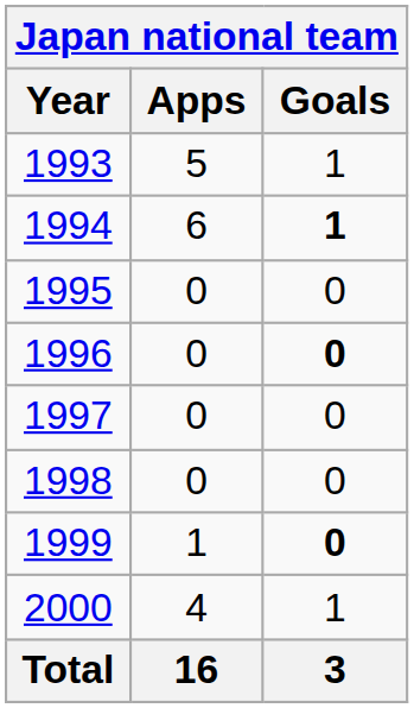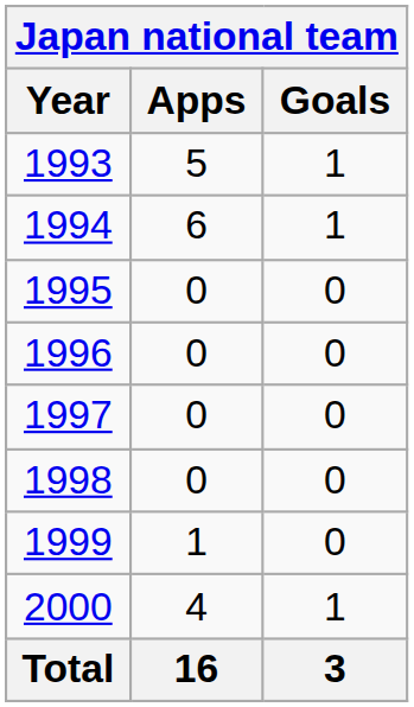 <table class="wikitable" style="text-align:center">
 <tr>
 <th colspan=3><a href='#'>Japan national team</a></th>
 </tr>
 <tr>
 <th>Year</th>
 <th>Apps</th>
 <th>Goals</th>
 </tr>
 <tr>
 <td><a href='#'>1993</a></td>
 <td>5</td>
 <td>1</td>
 </tr>
 <tr>
 <td><a href='#'>1994</a></td>
 <td>6</td>
-<td><strong>1</strong></td>
+<td>1</td>
 </tr>
 <tr>
 <td><a href='#'>1995</a></td>
 <td>0</td>
 <td>0</td>
 </tr>
 <tr>
 <td><a href='#'>1996</a></td>
 <td>0</td>
-<td><strong>0</strong></td>
+<td>0</td>
 </tr>
 <tr>
 <td><a href='#'>1997</a></td>
 <td>0</td>
 <td>0</td>
 </tr>
 <tr>
 <td><a href='#'>1998</a></td>
 <td>0</td>
 <td>0</td>
 </tr>
 <tr>
 <td><a href='#'>1999</a></td>
 <td>1</td>
-<td><strong>0</strong></td>
+<td>0</td>
 </tr>
 <tr>
 <td><a href='#'>2000</a></td>
 <td>4</td>
 <td>1</td>
 </tr>
 <tr>
 <th>Total</th>
 <th>16</th>
 <th>3</th>
 </tr>
 </table>
